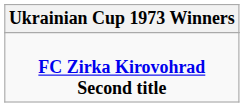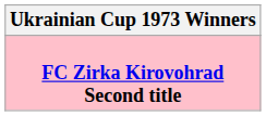 <table class="wikitable" style="text-align: center; margin: 0 auto;">
 <tr>
 <th>Ukrainian Cup 1973 Winners</th>
 </tr>
 <tr>
 </tr>
 <tr>
-<td><br><strong><a href='#'>FC Zirka Kirovohrad</a></strong><br><strong>Second title</strong></td>
+<td style="background: pink;"><br><strong><a href='#'>FC Zirka Kirovohrad</a></strong><br><strong>Second title</strong></td>
 </tr>
 </table>
